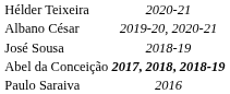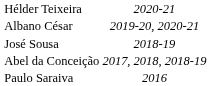 <table border="0" style="text-align:center;">
 <tr>
 <td align=left> Hélder Teixeira</td>
 <td><em>2020-21</em></td>
 </tr>
 <tr>
 <td align=left> Albano César</td>
 <td><em>2019-20</em>, <em>2020-21</em></td>
 </tr>
 <tr>
 <td align=left> José Sousa</td>
 <td><em>2018-19</em></td>
 </tr>
 <tr>
 <td align=left> Abel da Conceição</td>
-<td><strong><em>2017</em>, <em>2018</em>, <em>2018-19</em></strong></td>
+<td><em>2017</em>, <em>2018</em>, <em>2018-19</em></td>
 </tr>
 <tr>
 <td align=left> Paulo Saraiva</td>
 <td><em>2016</em></td>
 </tr>
 </table>
